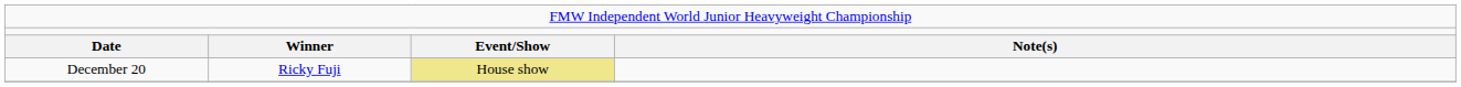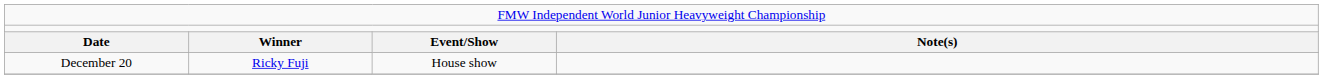 <table class="wikitable" style="text-align:center; width:100%;">
 <tr>
 <td colspan="5"><a href='#'>FMW Independent World Junior Heavyweight Championship</a></td>
 </tr>
 <tr>
 <td colspan="5"><strong></strong></td>
 </tr>
 <tr>
 <th width="14%">Date</th>
 <th width="14%">Winner</th>
 <th width="14%">Event/Show</th>
 <th width="58%">Note(s)</th>
 </tr>
 <tr>
 <td>December 20</td>
 <td><a href='#'>Ricky Fuji</a></td>
-<td style="background: khaki;">House show</td>
+<td>House show</td>
 <td align="left"></td>
 </tr>
 <tr>
 </tr>
 </table>
